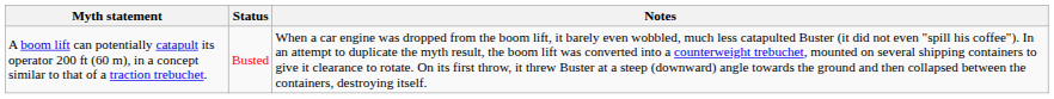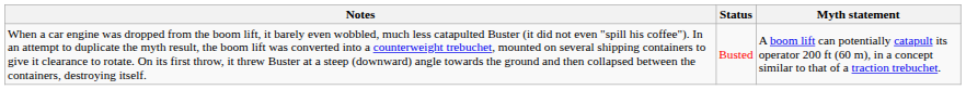 <table class="wikitable plainrowheaders">
 <tr>
+<th>Notes</th>
+<th>Status</th>
 <th>Myth statement</th>
-<th>Status</th>
-<th>Notes</th>
 </tr>
 <tr>
+<td>When a car engine was dropped from the boom lift, it barely even wobbled, much less catapulted Buster (it did not even "spill his coffee"). In an attempt to duplicate the myth result, the boom lift was converted into a <a href='#'>counterweight trebuchet</a>, mounted on several shipping containers to give it clearance to rotate. On its first throw, it threw Buster at a steep (downward) angle towards the ground and then collapsed between the containers, destroying itself.</td>
+<td style="color:red">Busted</td>
 <td>A <a href='#'>boom lift</a> can potentially <a href='#'>catapult</a> its operator 200 ft (60 m), in a concept similar to that of a <a href='#'>traction trebuchet</a>.</td>
-<td style="color:red">Busted</td>
-<td>When a car engine was dropped from the boom lift, it barely even wobbled, much less catapulted Buster (it did not even "spill his coffee"). In an attempt to duplicate the myth result, the boom lift was converted into a <a href='#'>counterweight trebuchet</a>, mounted on several shipping containers to give it clearance to rotate. On its first throw, it threw Buster at a steep (downward) angle towards the ground and then collapsed between the containers, destroying itself.</td>
 </tr>
 </table>
